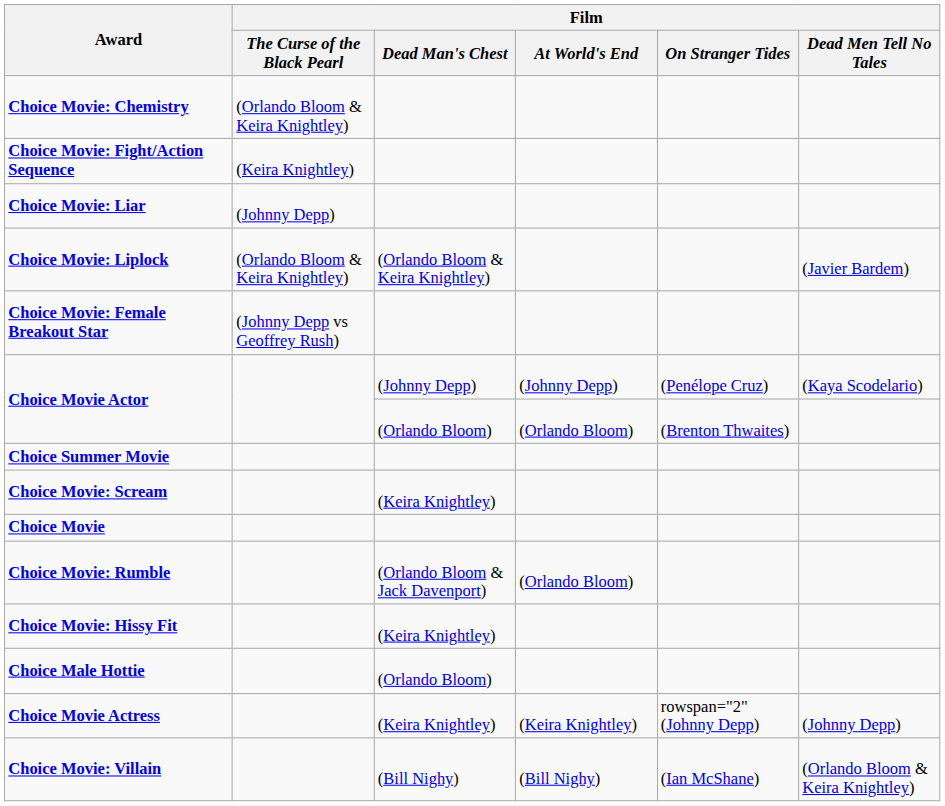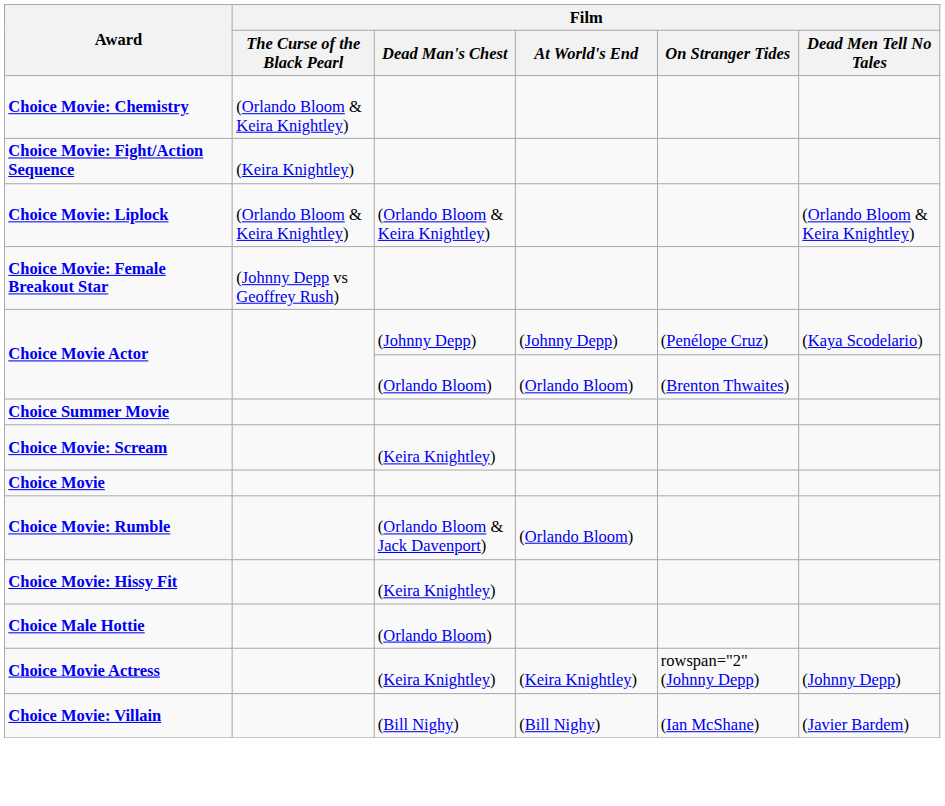 <table class="wikitable" style="margin:left;">
 <tr>
 <th style="width:214px;" rowspan="2">Award</th>
 <th colspan="5">Film</th>
 </tr>
 <tr>
 <th style="width:130px;"><em>The Curse of the Black Pearl</em></th>
 <th style="width:130px;"><em>Dead Man's Chest</em></th>
 <th style="width:130px;"><em>At World's End</em></th>
 <th style="width:130px;"><em>On Stranger Tides</em></th>
 <th style="width:130px;"><em>Dead Men Tell No Tales</em></th>
 </tr>
 <tr>
 <td><strong><a href='#'>Choice Movie: Chemistry</a></strong></td>
 <td><br>(<a href='#'>Orlando Bloom</a> & <a href='#'>Keira Knightley</a>)</td>
 <td></td>
 <td></td>
 <td></td>
 <td></td>
 </tr>
 <tr>
 <td><strong><a href='#'>Choice Movie: Fight/Action Sequence</a></strong></td>
 <td><br>(<a href='#'>Keira Knightley</a>)</td>
 <td></td>
 <td></td>
 <td></td>
 <td></td>
 </tr>
 <tr>
-<td><strong><a href='#'>Choice Movie: Liar</a></strong></td>
-<td><br>(<a href='#'>Johnny Depp</a>)</td>
-<td></td>
-<td></td>
-<td></td>
-<td></td>
-</tr>
-<tr>
 <td><strong><a href='#'>Choice Movie: Liplock</a></strong></td>
 <td><br>(<a href='#'>Orlando Bloom</a> & <a href='#'>Keira Knightley</a>)</td>
 <td><br>(<a href='#'>Orlando Bloom</a> & <a href='#'>Keira Knightley</a>)</td>
 <td></td>
 <td></td>
-<td><br>(<a href='#'>Javier Bardem</a>)</td>
+<td><br>(<a href='#'>Orlando Bloom</a> & <a href='#'>Keira Knightley</a>)</td>
 </tr>
 <tr>
 <td><strong><a href='#'>Choice Movie: Female Breakout Star</a></strong></td>
 <td><br>(<a href='#'>Johnny Depp</a> vs <a href='#'>Geoffrey Rush</a>)</td>
 <td></td>
 <td></td>
 <td></td>
 <td></td>
 </tr>
 <tr>
 <td rowspan="2"><strong><a href='#'>Choice Movie Actor</a></strong></td>
 <td rowspan="2"></td>
 <td><br>(<a href='#'>Johnny Depp</a>)</td>
 <td><br>(<a href='#'>Johnny Depp</a>)</td>
 <td><br>(<a href='#'>Penélope Cruz</a>)</td>
 <td><br>(<a href='#'>Kaya Scodelario</a>)</td>
 </tr>
 <tr>
 <td><br>(<a href='#'>Orlando Bloom</a>)</td>
 <td><br>(<a href='#'>Orlando Bloom</a>)</td>
 <td><br>(<a href='#'>Brenton Thwaites</a>)</td>
 </tr>
 <tr>
 <td><strong><a href='#'>Choice Summer Movie</a></strong></td>
 <td></td>
 <td></td>
 <td></td>
 <td></td>
 <td></td>
 </tr>
 <tr>
 <td><strong><a href='#'>Choice Movie: Scream</a></strong></td>
 <td></td>
 <td><br>(<a href='#'>Keira Knightley</a>)</td>
 <td></td>
 <td></td>
 <td></td>
 </tr>
 <tr>
 <td><strong><a href='#'>Choice Movie</a></strong></td>
 <td></td>
 <td></td>
 <td></td>
 <td></td>
 <td></td>
 </tr>
 <tr>
 <td><strong><a href='#'>Choice Movie: Rumble</a></strong></td>
 <td></td>
 <td><br>(<a href='#'>Orlando Bloom</a> & <a href='#'>Jack Davenport</a>)</td>
 <td><br>(<a href='#'>Orlando Bloom</a>)</td>
 <td></td>
 <td></td>
 </tr>
 <tr>
 <td><strong><a href='#'>Choice Movie: Hissy Fit</a></strong></td>
 <td></td>
 <td><br>(<a href='#'>Keira Knightley</a>)</td>
 <td></td>
 <td></td>
 <td></td>
 </tr>
 <tr>
 <td><strong><a href='#'>Choice Male Hottie</a></strong></td>
 <td></td>
 <td><br>(<a href='#'>Orlando Bloom</a>)</td>
 <td></td>
 <td></td>
 <td></td>
 </tr>
 <tr>
 <td><strong><a href='#'>Choice Movie Actress</a></strong></td>
 <td></td>
 <td><br>(<a href='#'>Keira Knightley</a>)</td>
 <td><br>(<a href='#'>Keira Knightley</a>)</td>
 <td>rowspan="2" <br>(<a href='#'>Johnny Depp</a>)</td>
 <td><br>(<a href='#'>Johnny Depp</a>)</td>
 </tr>
 <tr>
 <td><strong><a href='#'>Choice Movie: Villain</a></strong></td>
 <td></td>
 <td><br>(<a href='#'>Bill Nighy</a>)</td>
 <td><br>(<a href='#'>Bill Nighy</a>)</td>
 <td><br>(<a href='#'>Ian McShane</a>)</td>
-<td><br>(<a href='#'>Orlando Bloom</a> & <a href='#'>Keira Knightley</a>)</td>
+<td><br>(<a href='#'>Javier Bardem</a>)</td>
 </tr>
 </table>
